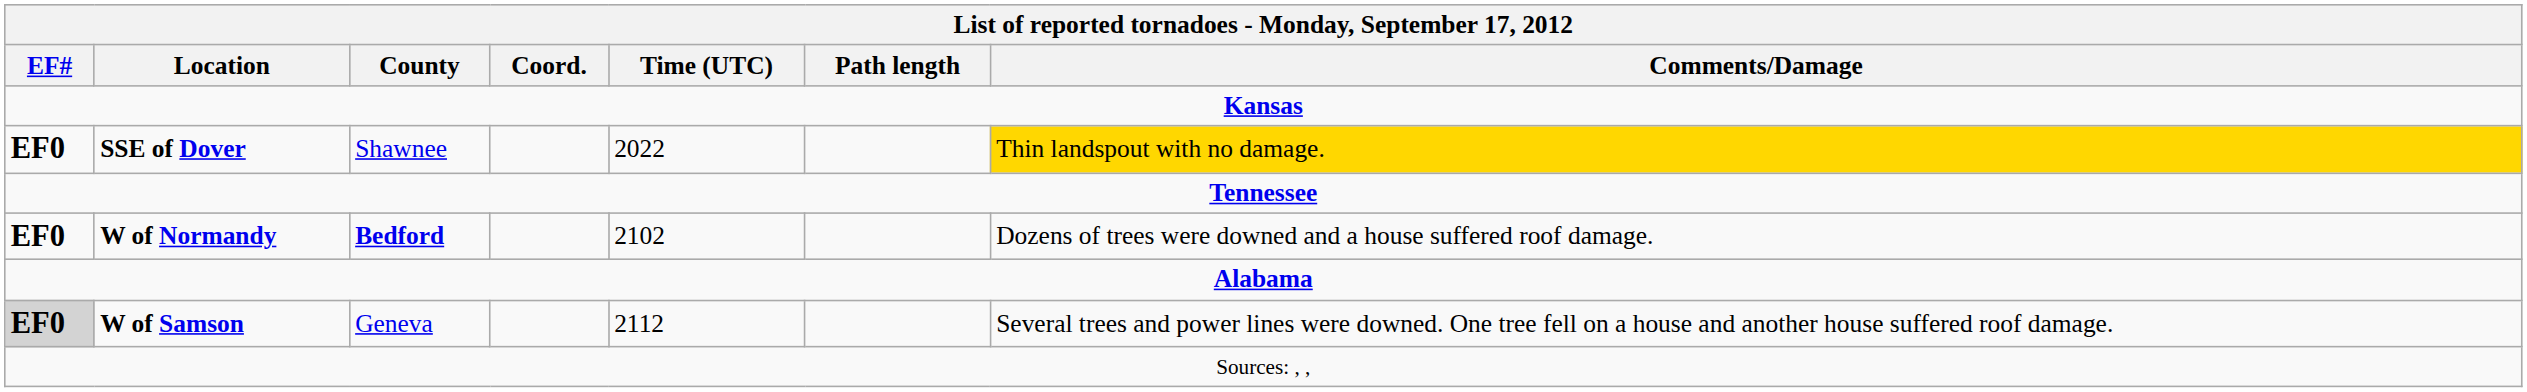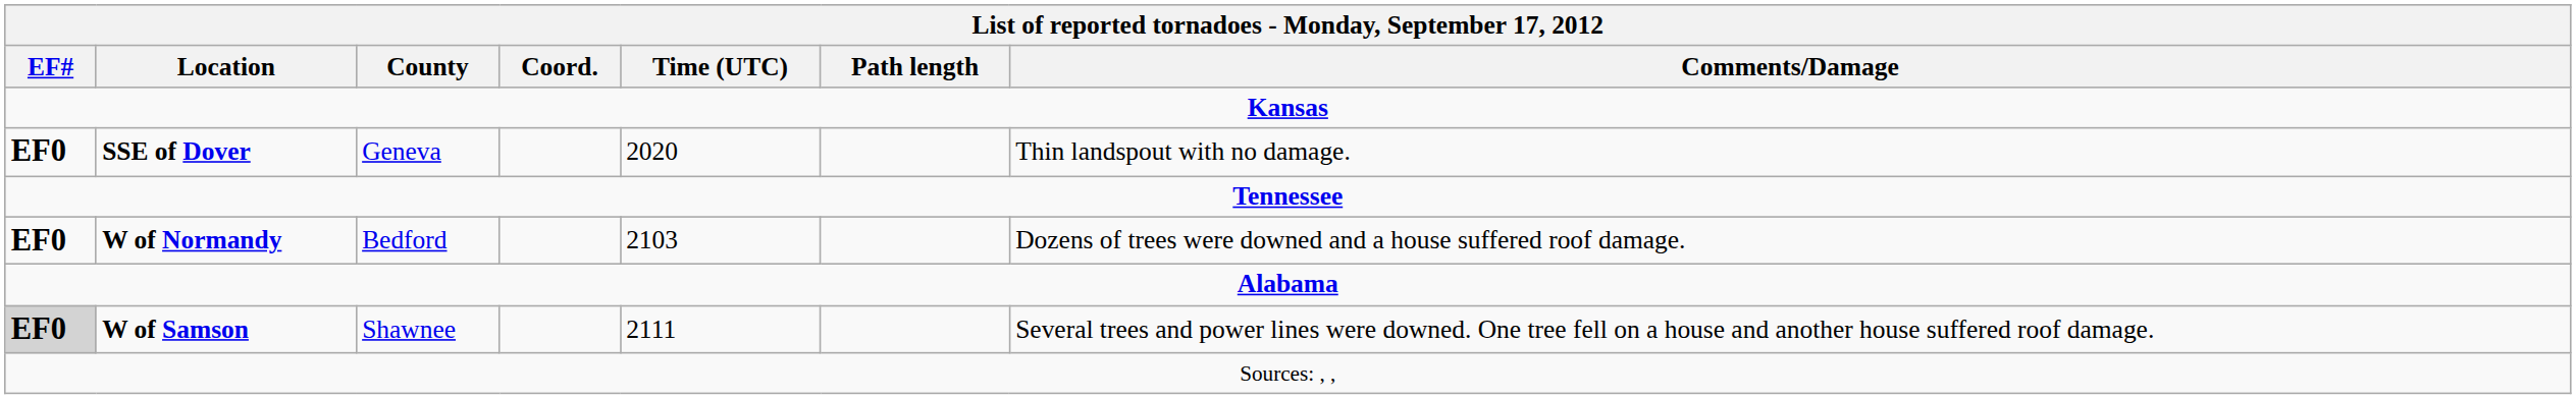 <table class="wikitable collapsible" width="100%">
 <tr>
 <th colspan="7">List of reported tornadoes - Monday, September 17, 2012</th>
 </tr>
 <tr>
 <th><a href='#'>EF#</a></th>
 <th>Location</th>
 <th>County</th>
 <th>Coord.</th>
 <th>Time (UTC)</th>
 <th>Path length</th>
 <th>Comments/Damage</th>
 </tr>
 <tr>
 <td colspan="7" align=center><strong><a href='#'>Kansas</a></strong></td>
 </tr>
 <tr>
 <td><big><strong>EF0</strong></big></td>
 <td><strong>SSE of <a href='#'>Dover</a></strong></td>
-<td><a href='#'>Shawnee</a></td>
+<td><a href='#'>Geneva</a></td>
 <td></td>
-<td>2022</td>
+<td>2020</td>
 <td></td>
-<td style="background: gold;">Thin landspout with no damage.</td>
+<td>Thin landspout with no damage.</td>
 </tr>
 <tr>
 <td colspan="7" align=center><strong><a href='#'>Tennessee</a></strong></td>
 </tr>
 <tr>
 <td><big><strong>EF0</strong></big></td>
 <td><strong>W of <a href='#'>Normandy</a></strong></td>
-<td><strong><a href='#'>Bedford</a></strong></td>
+<td><a href='#'>Bedford</a></td>
 <td></td>
-<td>2102</td>
+<td>2103</td>
 <td></td>
 <td>Dozens of trees were downed and a house suffered roof damage.</td>
 </tr>
 <tr>
 <td colspan="7" align=center><strong><a href='#'>Alabama</a></strong></td>
 </tr>
 <tr>
 <td style="background: lightgrey;"><big><strong>EF0</strong></big></td>
 <td><strong>W of <a href='#'>Samson</a></strong></td>
-<td><a href='#'>Geneva</a></td>
+<td><a href='#'>Shawnee</a></td>
 <td></td>
-<td>2112</td>
+<td>2111</td>
 <td></td>
 <td>Several trees and power lines were downed. One tree fell on a house and another house suffered roof damage.</td>
 </tr>
 <tr>
 <td colspan="7" align=center><small>Sources: , , </small></td>
 </tr>
 </table>
